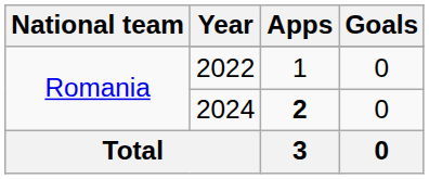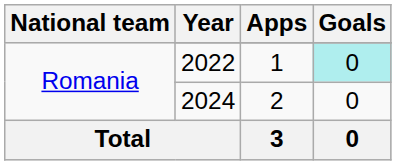 <table class="wikitable" style="text-align: center;">
 <tr>
 <th>National team</th>
 <th>Year</th>
 <th>Apps</th>
 <th>Goals</th>
 </tr>
 <tr>
 <td rowspan="3"><a href='#'>Romania</a></td>
 </tr>
 <tr>
 <td>2022</td>
 <td>1</td>
-<td>0</td>
+<td style="background: paleturquoise;">0</td>
 </tr>
 <tr>
 <td>2024</td>
-<td><strong>2</strong></td>
+<td>2</td>
 <td>0</td>
 </tr>
 <tr>
 <th colspan=2>Total</th>
 <th>3</th>
 <th>0</th>
 </tr>
 </table>
